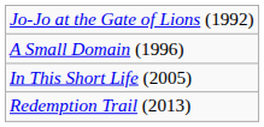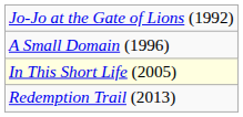 <table class="wikitable">
 <tr>
 <td><em><a href='#'>Jo-Jo at the Gate of Lions</a></em> (1992)</td>
 </tr>
 <tr>
 <td><em><a href='#'>A Small Domain</a></em> (1996)</td>
 </tr>
 <tr>
-<td><em><a href='#'>In This Short Life</a></em> (2005)</td>
+<td style="background: lightyellow;"><em><a href='#'>In This Short Life</a></em> (2005)</td>
 </tr>
 <tr>
 <td><em><a href='#'>Redemption Trail</a></em> (2013)</td>
 </tr>
 </table>
